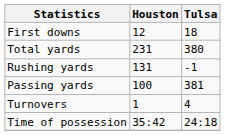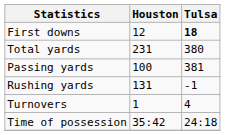 <table class="wikitable" style="float: right;">
 <tr>
 <th>Statistics</th>
 <th>Houston</th>
 <th>Tulsa</th>
 </tr>
 <tr>
 <td>First downs</td>
 <td>12</td>
-<td>18</td>
+<td><strong>18</strong></td>
 </tr>
 <tr>
 <td>Total yards</td>
 <td>231</td>
 <td>380</td>
 </tr>
 <tr>
+<td>Passing yards</td>
+<td>100</td>
+<td>381</td>
+</tr>
+<tr>
 <td>Rushing yards</td>
 <td>131</td>
 <td>-1</td>
-</tr>
-<tr>
-<td>Passing yards</td>
-<td>100</td>
-<td>381</td>
 </tr>
 <tr>
 <td>Turnovers</td>
 <td>1</td>
 <td>4</td>
 </tr>
 <tr>
 <td>Time of possession</td>
 <td>35:42</td>
 <td>24:18</td>
 </tr>
 <tr>
 </tr>
 </table>
